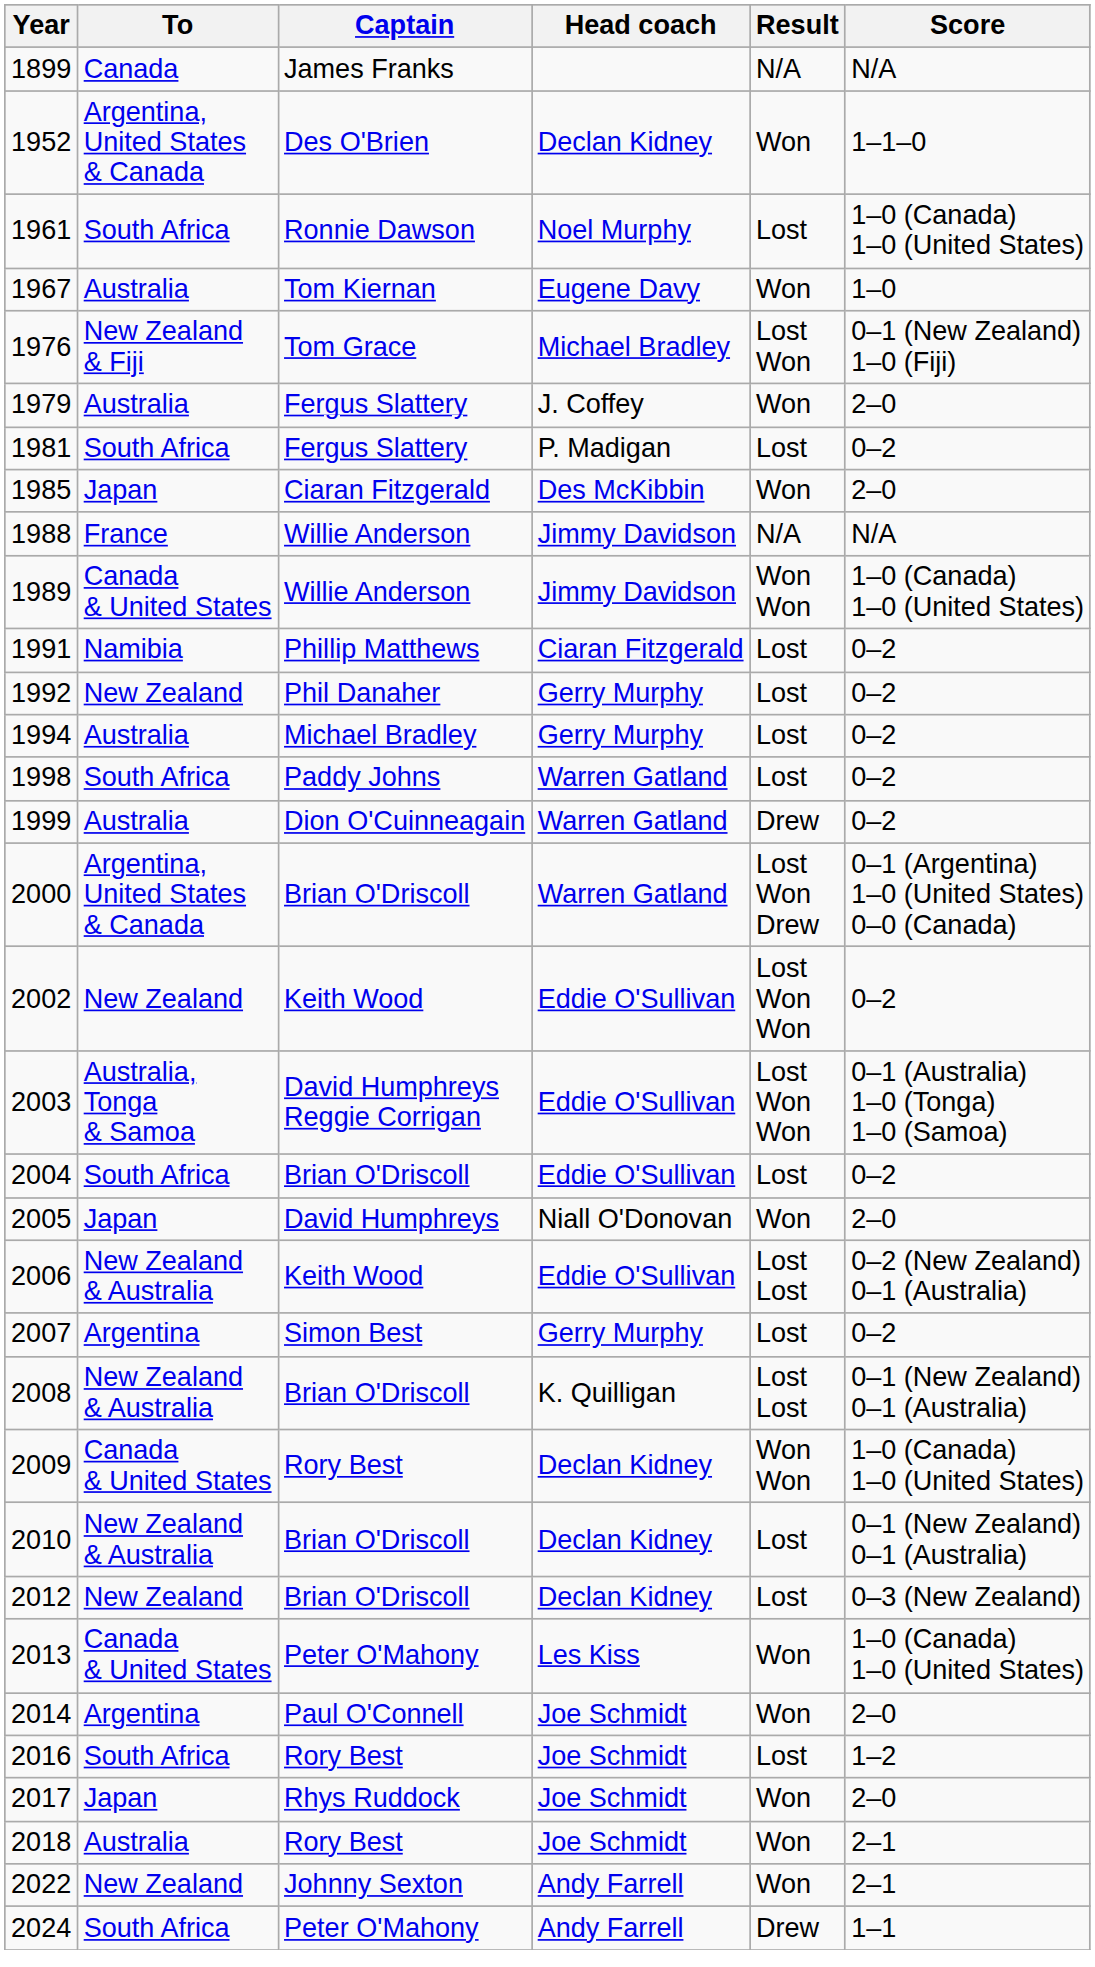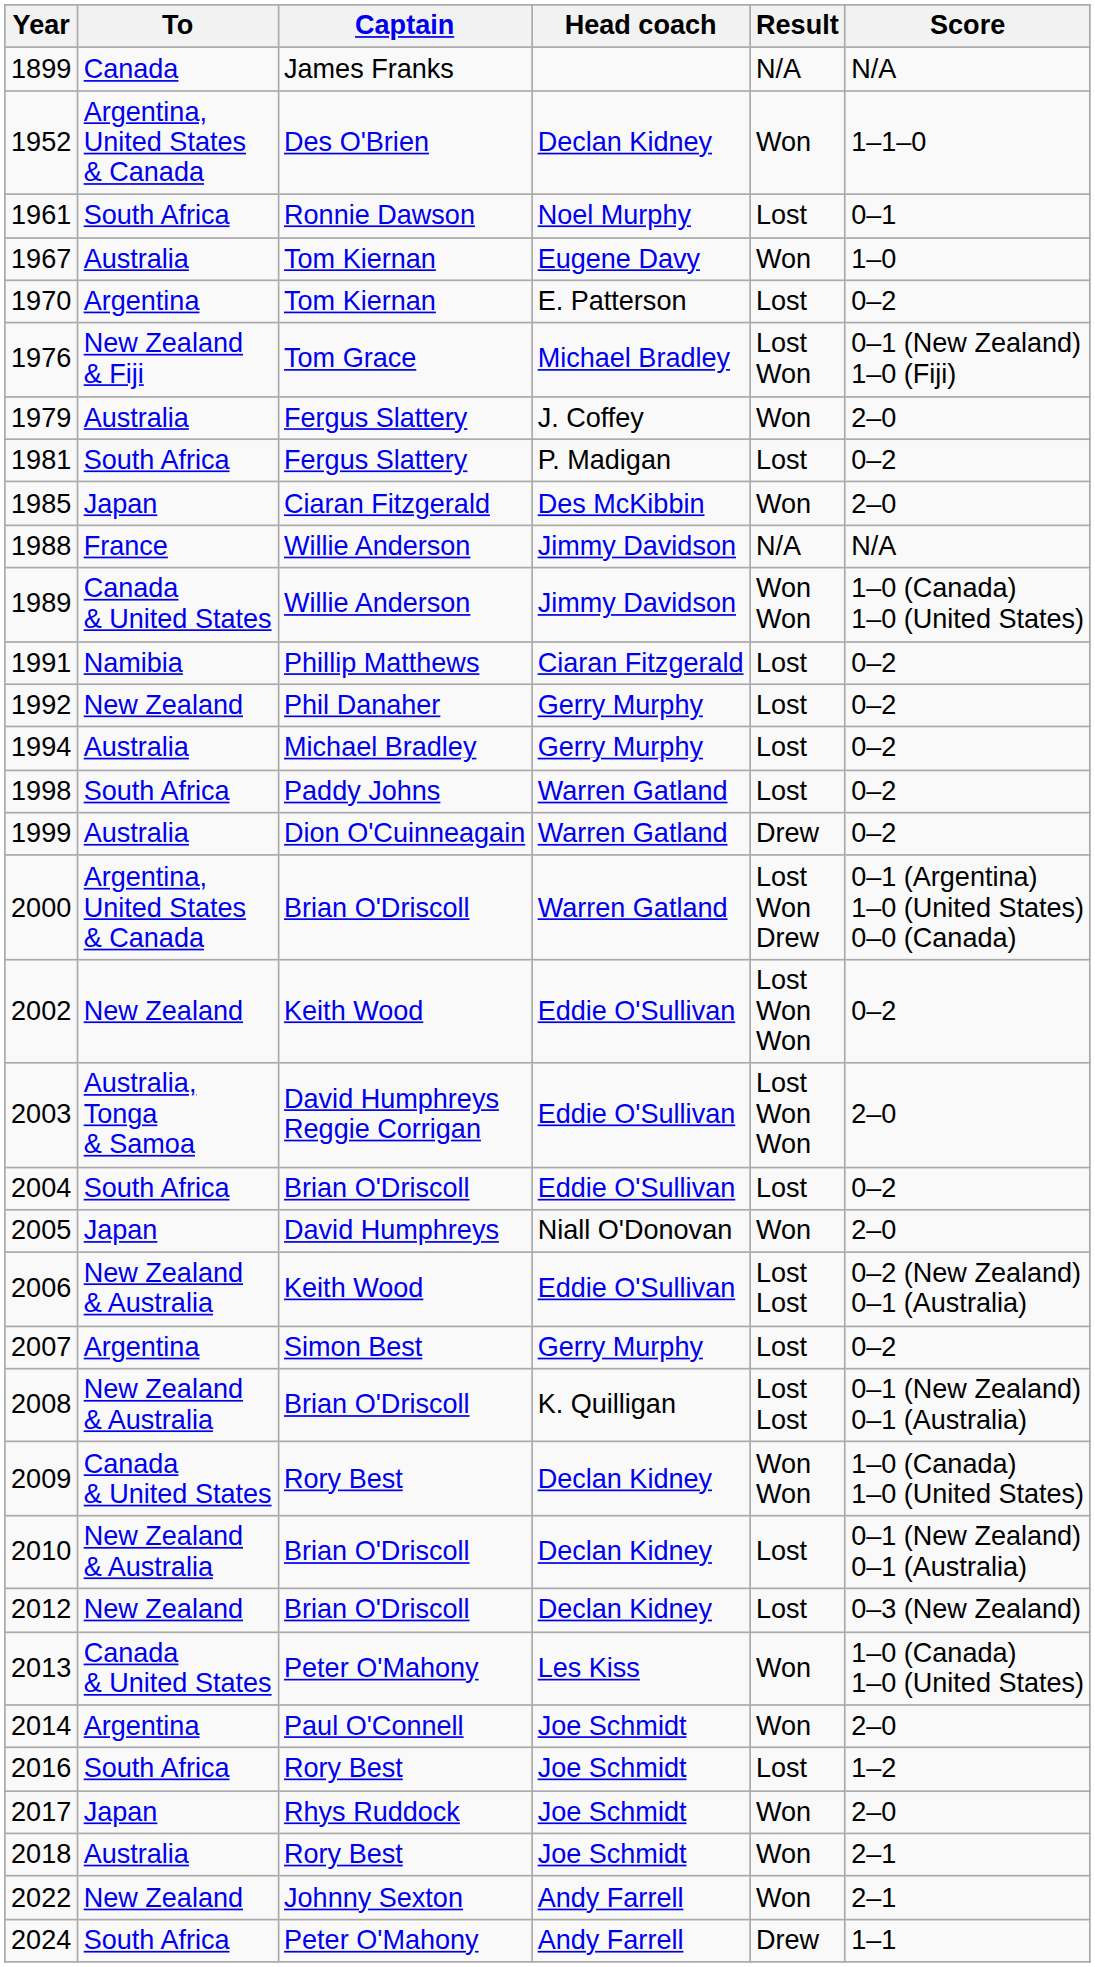 <table class="wikitable" style="align:center;">
 <tr>
 <th>Year</th>
 <th>To</th>
 <th><a href='#'>Captain</a></th>
 <th>Head coach</th>
 <th>Result</th>
 <th>Score</th>
 </tr>
 <tr>
 <td>1899</td>
 <td><a href='#'>Canada</a></td>
 <td> James Franks</td>
 <td></td>
 <td>N/A</td>
 <td>N/A</td>
 </tr>
 <tr>
 <td>1952</td>
 <td><a href='#'>Argentina,<br>United States<br> & Canada</a></td>
 <td> <a href='#'>Des O'Brien</a></td>
 <td> <a href='#'>Declan Kidney</a></td>
 <td>Won</td>
 <td>1–1–0</td>
 </tr>
 <tr>
 <td>1961</td>
 <td><a href='#'>South Africa</a></td>
 <td> <a href='#'>Ronnie Dawson</a></td>
 <td> <a href='#'>Noel Murphy</a></td>
 <td>Lost</td>
-<td>1–0 (Canada) <br> 1–0 (United States)</td>
+<td>0–1</td>
 </tr>
 <tr>
 <td>1967</td>
 <td><a href='#'>Australia</a></td>
 <td> <a href='#'>Tom Kiernan</a></td>
 <td><a href='#'>Eugene Davy</a></td>
 <td>Won</td>
 <td>1–0</td>
+</tr>
+<tr>
+<td>1970</td>
+<td><a href='#'>Argentina</a></td>
+<td> <a href='#'>Tom Kiernan</a></td>
+<td> E. Patterson</td>
+<td>Lost</td>
+<td>0–2</td>
 </tr>
 <tr>
 <td>1976</td>
 <td><a href='#'>New Zealand<br> & Fiji</a></td>
 <td> <a href='#'>Tom Grace</a></td>
 <td> <a href='#'>Michael Bradley</a></td>
 <td>Lost <br> Won</td>
 <td>0–1 (New Zealand) <br> 1–0 (Fiji)</td>
 </tr>
 <tr>
 <td>1979</td>
 <td><a href='#'>Australia</a></td>
 <td> <a href='#'>Fergus Slattery</a></td>
 <td> J. Coffey</td>
 <td>Won</td>
 <td>2–0</td>
 </tr>
 <tr>
 <td>1981</td>
 <td><a href='#'>South Africa</a></td>
 <td> <a href='#'>Fergus Slattery</a></td>
 <td> P. Madigan</td>
 <td>Lost</td>
 <td>0–2</td>
 </tr>
 <tr>
 <td>1985</td>
 <td><a href='#'>Japan</a></td>
 <td> <a href='#'>Ciaran Fitzgerald</a></td>
 <td> <a href='#'>Des McKibbin</a></td>
 <td>Won</td>
 <td>2–0</td>
 </tr>
 <tr>
 <td>1988</td>
 <td><a href='#'>France</a></td>
 <td> <a href='#'>Willie Anderson</a></td>
 <td> <a href='#'>Jimmy Davidson</a></td>
 <td>N/A</td>
 <td>N/A</td>
 </tr>
 <tr>
 <td>1989</td>
 <td><a href='#'>Canada<br> & United States</a></td>
 <td> <a href='#'>Willie Anderson</a></td>
 <td> <a href='#'>Jimmy Davidson</a></td>
 <td>Won <br> Won</td>
 <td>1–0 (Canada) <br> 1–0 (United States)</td>
 </tr>
 <tr>
 <td>1991</td>
 <td><a href='#'>Namibia</a></td>
 <td> <a href='#'>Phillip Matthews</a></td>
 <td> <a href='#'>Ciaran Fitzgerald</a></td>
 <td>Lost</td>
 <td>0–2</td>
 </tr>
 <tr>
 <td>1992</td>
 <td><a href='#'>New Zealand</a></td>
 <td> <a href='#'>Phil Danaher</a></td>
 <td> <a href='#'>Gerry Murphy</a></td>
 <td>Lost</td>
 <td>0–2</td>
 </tr>
 <tr>
 <td>1994</td>
 <td><a href='#'>Australia</a></td>
 <td> <a href='#'>Michael Bradley</a></td>
 <td> <a href='#'>Gerry Murphy</a></td>
 <td>Lost</td>
 <td>0–2</td>
 </tr>
 <tr>
 <td>1998</td>
 <td><a href='#'>South Africa</a></td>
 <td> <a href='#'>Paddy Johns</a></td>
 <td> <a href='#'>Warren Gatland</a></td>
 <td>Lost</td>
 <td>0–2</td>
 </tr>
 <tr>
 <td>1999</td>
 <td><a href='#'>Australia</a></td>
 <td>   <a href='#'>Dion O'Cuinneagain</a></td>
 <td> <a href='#'>Warren Gatland</a></td>
 <td>Drew</td>
 <td>0–2</td>
 </tr>
 <tr>
 <td>2000</td>
 <td><a href='#'>Argentina,<br>United States<br> & Canada</a></td>
 <td> <a href='#'>Brian O'Driscoll</a></td>
 <td> <a href='#'>Warren Gatland</a></td>
 <td>Lost <br> Won <br> Drew</td>
 <td>0–1 (Argentina) <br> 1–0 (United States) <br> 0–0 (Canada)</td>
 </tr>
 <tr>
 <td>2002</td>
 <td><a href='#'>New Zealand</a></td>
 <td> <a href='#'>Keith Wood</a></td>
 <td> <a href='#'>Eddie O'Sullivan</a></td>
 <td>Lost <br> Won <br> Won</td>
 <td>0–2</td>
 </tr>
 <tr>
 <td>2003</td>
 <td><a href='#'>Australia,<br>Tonga<br> & Samoa</a></td>
 <td> <a href='#'>David Humphreys</a> <br>  <a href='#'>Reggie Corrigan</a></td>
 <td> <a href='#'>Eddie O'Sullivan</a></td>
 <td>Lost <br> Won <br> Won</td>
-<td>0–1 (Australia) <br> 1–0 (Tonga) <br> 1–0 (Samoa)</td>
+<td>2–0</td>
 </tr>
 <tr>
 <td>2004</td>
 <td><a href='#'>South Africa</a></td>
 <td> <a href='#'>Brian O'Driscoll</a></td>
 <td> <a href='#'>Eddie O'Sullivan</a></td>
 <td>Lost</td>
 <td>0–2</td>
 </tr>
 <tr>
 <td>2005</td>
 <td><a href='#'>Japan</a></td>
 <td> <a href='#'>David Humphreys</a></td>
 <td> Niall O'Donovan</td>
 <td>Won</td>
 <td>2–0</td>
 </tr>
 <tr>
 <td>2006</td>
 <td><a href='#'>New Zealand <br> & Australia</a></td>
 <td> <a href='#'>Keith Wood</a></td>
 <td> <a href='#'>Eddie O'Sullivan</a></td>
 <td>Lost <br> Lost</td>
 <td>0–2 (New Zealand) <br> 0–1 (Australia)</td>
 </tr>
 <tr>
 <td>2007</td>
 <td><a href='#'>Argentina</a></td>
 <td> <a href='#'>Simon Best</a></td>
 <td> <a href='#'>Gerry Murphy</a></td>
 <td>Lost</td>
 <td>0–2</td>
 </tr>
 <tr>
 <td>2008</td>
 <td><a href='#'>New Zealand <br> & Australia</a></td>
 <td> <a href='#'>Brian O'Driscoll</a></td>
 <td> K. Quilligan</td>
 <td>Lost <br> Lost</td>
 <td>0–1 (New Zealand) <br> 0–1 (Australia)</td>
 </tr>
 <tr>
 <td>2009</td>
 <td><a href='#'>Canada <br> & United States</a></td>
 <td> <a href='#'>Rory Best</a></td>
 <td> <a href='#'>Declan Kidney</a></td>
 <td>Won <br> Won</td>
 <td>1–0 (Canada) <br> 1–0 (United States)</td>
 </tr>
 <tr>
 <td>2010</td>
 <td><a href='#'>New Zealand <br> & Australia</a></td>
 <td> <a href='#'>Brian O'Driscoll</a></td>
 <td> <a href='#'>Declan Kidney</a></td>
 <td>Lost</td>
 <td>0–1 (New Zealand) <br> 0–1 (Australia)</td>
 </tr>
 <tr>
 <td>2012</td>
 <td><a href='#'>New Zealand</a></td>
 <td> <a href='#'>Brian O'Driscoll</a></td>
 <td> <a href='#'>Declan Kidney</a></td>
 <td>Lost</td>
 <td>0–3 (New Zealand)</td>
 </tr>
 <tr>
 <td>2013</td>
 <td><a href='#'>Canada <br> & United States</a></td>
 <td> <a href='#'>Peter O'Mahony</a></td>
 <td> <a href='#'>Les Kiss</a></td>
 <td>Won</td>
 <td>1–0 (Canada) <br> 1–0 (United States)</td>
 </tr>
 <tr>
 <td>2014</td>
 <td><a href='#'>Argentina</a></td>
 <td> <a href='#'>Paul O'Connell</a></td>
 <td> <a href='#'>Joe Schmidt</a></td>
 <td>Won</td>
 <td>2–0</td>
 </tr>
 <tr>
 <td>2016</td>
 <td><a href='#'>South Africa</a></td>
 <td> <a href='#'>Rory Best</a></td>
 <td> <a href='#'>Joe Schmidt</a></td>
 <td>Lost</td>
 <td>1–2</td>
 </tr>
 <tr>
 <td>2017</td>
 <td><a href='#'>Japan</a></td>
 <td> <a href='#'>Rhys Ruddock</a></td>
 <td> <a href='#'>Joe Schmidt</a></td>
 <td>Won</td>
 <td>2–0</td>
 </tr>
 <tr>
 <td>2018</td>
 <td><a href='#'>Australia</a></td>
 <td> <a href='#'>Rory Best</a></td>
 <td> <a href='#'>Joe Schmidt</a></td>
 <td>Won</td>
 <td>2–1</td>
 </tr>
 <tr>
 <td>2022</td>
 <td><a href='#'>New Zealand</a></td>
 <td> <a href='#'>Johnny Sexton</a></td>
 <td> <a href='#'>Andy Farrell</a></td>
 <td>Won</td>
 <td>2–1</td>
 </tr>
 <tr>
 <td>2024</td>
 <td><a href='#'>South Africa</a></td>
 <td> <a href='#'>Peter O'Mahony</a></td>
 <td> <a href='#'>Andy Farrell</a></td>
 <td>Drew</td>
 <td>1–1</td>
 </tr>
 </table>
